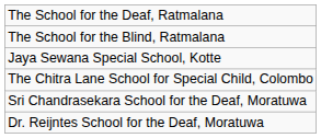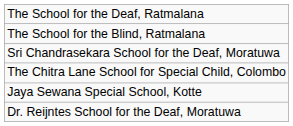 <table class="wikitable">
 <tr>
 <td>The School for the Deaf, Ratmalana</td>
 </tr>
 <tr>
 <td>The School for the Blind, Ratmalana</td>
 </tr>
 <tr>
-<td>Jaya Sewana Special School, Kotte</td>
+<td>Sri Chandrasekara School for the Deaf, Moratuwa</td>
 </tr>
 <tr>
 <td>The Chitra Lane School for Special Child, Colombo</td>
 </tr>
 <tr>
-<td>Sri Chandrasekara School for the Deaf, Moratuwa</td>
+<td>Jaya Sewana Special School, Kotte</td>
 </tr>
 <tr>
 <td>Dr. Reijntes School for the Deaf, Moratuwa</td>
 </tr>
 </table>
